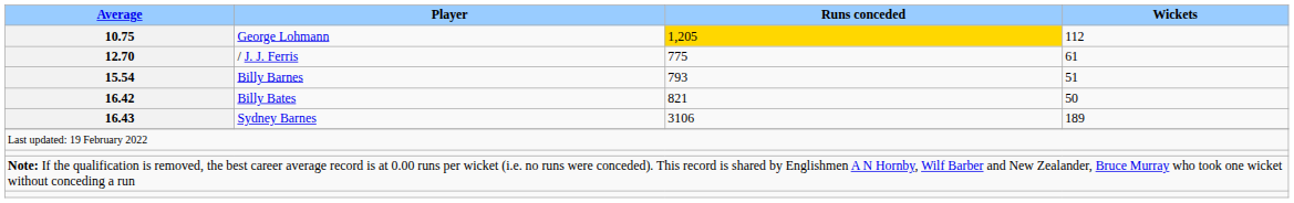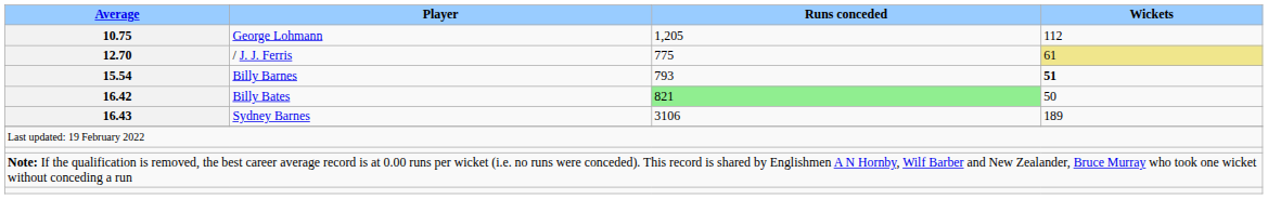 <table class="wikitable">
 <tr style="background:#9cf;">
 <td style="text-align:center;"><strong><a href='#'>Average</a></strong></td>
 <td style="text-align:center;"><strong>Player</strong></td>
 <td style="text-align:center;"><strong>Runs conceded</strong></td>
 <td style="text-align:center;"><strong>Wickets</strong></td>
 </tr>
 <tr>
 <th>10.75</th>
 <td style="text-align:left;"> <a href='#'>George Lohmann</a></td>
-<td style="background: gold;">1,205</td>
+<td>1,205</td>
 <td>112</td>
 </tr>
 <tr>
 <th>12.70</th>
 <td style="text-align:left;">/ <a href='#'>J. J. Ferris</a></td>
 <td>775</td>
-<td>61</td>
+<td style="background: khaki;">61</td>
 </tr>
 <tr>
 <th>15.54</th>
 <td style="text-align:left;"> <a href='#'>Billy Barnes</a></td>
 <td>793</td>
-<td>51</td>
+<td><strong>51</strong></td>
 </tr>
 <tr>
 <th>16.42</th>
 <td style="text-align:left;"> <a href='#'>Billy Bates</a></td>
-<td>821</td>
+<td style="background: lightgreen;">821</td>
 <td>50</td>
 </tr>
 <tr>
 <th>16.43</th>
 <td style="text-align:left;"> <a href='#'>Sydney Barnes</a></td>
 <td>3106</td>
 <td>189</td>
 </tr>
 <tr>
 </tr>
 <tr class=sortbottom>
 <td colspan="4"><small>Last updated: 19 February 2022</small></td>
 </tr>
 <tr>
 <td colspan="4"></td>
 </tr>
 <tr>
 <td colspan="4"><strong>Note:</strong> If the qualification is removed, the best career average record is at 0.00 runs per wicket (i.e. no runs were conceded). This record is shared by Englishmen <a href='#'>A N Hornby</a>, <a href='#'>Wilf Barber</a> and New Zealander, <a href='#'>Bruce Murray</a> who took one wicket without conceding a run</td>
 </tr>
 <tr>
 <td colspan="4"></td>
 </tr>
 </table>
